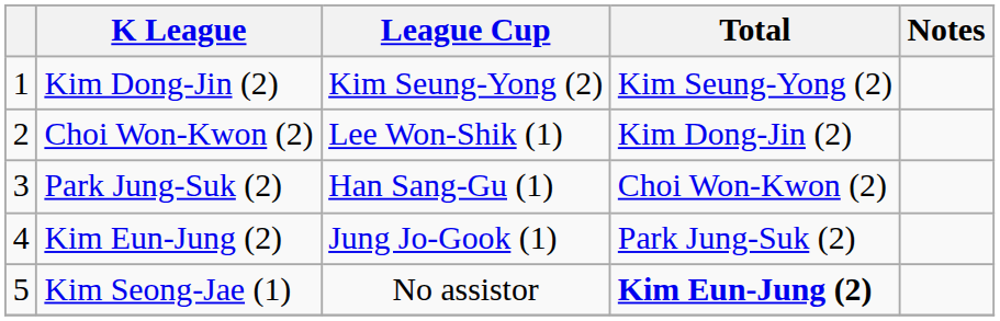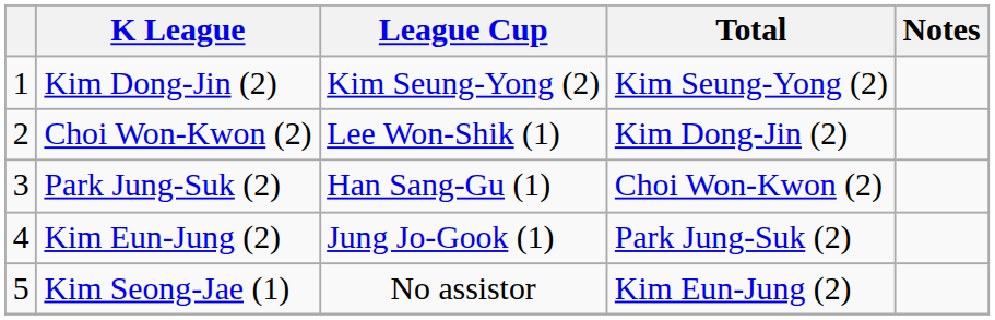 <table class="wikitable" style="text-align:center">
 <tr>
 <th></th>
 <th><a href='#'>K League</a></th>
 <th><a href='#'>League Cup</a></th>
 <th>Total</th>
 <th>Notes</th>
 </tr>
 <tr>
 <td>1</td>
 <td align=left> <a href='#'>Kim Dong-Jin</a> (2)</td>
 <td align=left> <a href='#'>Kim Seung-Yong</a> (2)</td>
 <td align=left> <a href='#'>Kim Seung-Yong</a> (2)</td>
 <td></td>
 </tr>
 <tr>
 <td>2</td>
 <td align=left> <a href='#'>Choi Won-Kwon</a> (2)</td>
 <td align=left> <a href='#'>Lee Won-Shik</a> (1)</td>
 <td align=left> <a href='#'>Kim Dong-Jin</a> (2)</td>
 <td></td>
 </tr>
 <tr>
 <td>3</td>
 <td align=left> <a href='#'>Park Jung-Suk</a> (2)</td>
 <td align=left> <a href='#'>Han Sang-Gu</a> (1)</td>
 <td align=left> <a href='#'>Choi Won-Kwon</a> (2)</td>
 <td></td>
 </tr>
 <tr>
 <td>4</td>
 <td align=left> <a href='#'>Kim Eun-Jung</a> (2)</td>
 <td align=left> <a href='#'>Jung Jo-Gook</a> (1)</td>
 <td align=left> <a href='#'>Park Jung-Suk</a> (2)</td>
 <td></td>
 </tr>
 <tr>
 <td>5</td>
 <td align=left> <a href='#'>Kim Seong-Jae</a> (1)</td>
 <td>No assistor</td>
-<td align=left><strong> <a href='#'>Kim Eun-Jung</a> (2)</strong></td>
+<td align=left> <a href='#'>Kim Eun-Jung</a> (2)</td>
 <td></td>
 </tr>
 <tr>
 </tr>
 </table>
